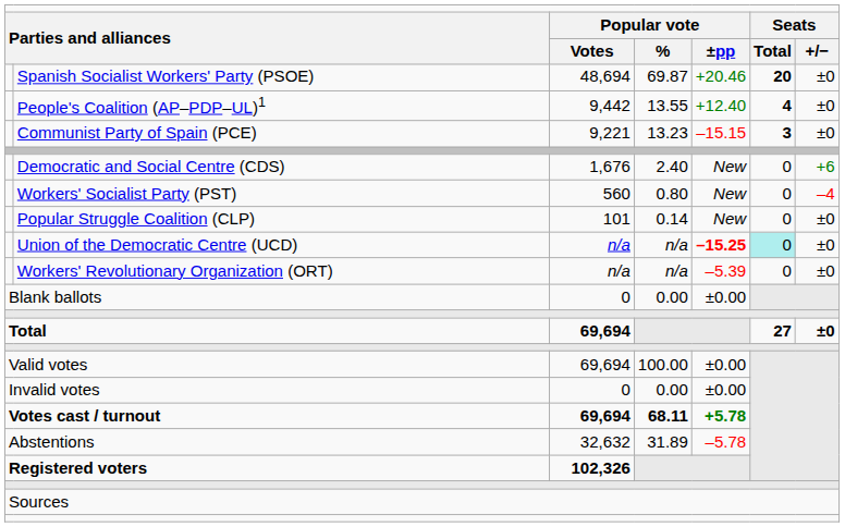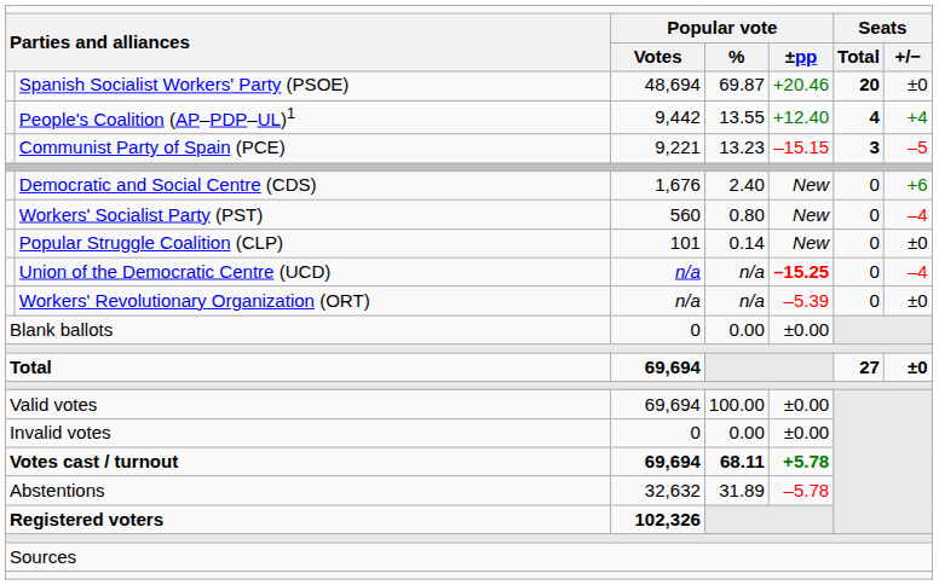 <table class="wikitable" style="text-align:right;">
 <tr>
 <td colspan="7"></td>
 </tr>
 <tr>
 <th style="text-align:left;" rowspan="2" colspan="2" width="525">Parties and alliances</th>
 <th colspan="3">Popular vote</th>
 <th colspan="2">Seats</th>
 </tr>
 <tr>
 <th width="75">Votes</th>
 <th width="45">%</th>
 <th width="45">±<a href='#'>pp</a></th>
 <th width="35">Total</th>
 <th width="35">+/−</th>
 </tr>
 <tr>
 <td width="1" style="color:inherit;background:"></td>
 <td align="left"><a href='#'>Spanish Socialist Workers' Party</a> (PSOE)</td>
 <td>48,694</td>
 <td>69.87</td>
 <td style="color:green;">+20.46</td>
 <td><strong>20</strong></td>
 <td>±0</td>
 </tr>
 <tr>
 <td style="color:inherit;background:"></td>
 <td align="left"><a href='#'>People's Coalition</a> (<a href='#'>AP</a>–<a href='#'>PDP</a>–<a href='#'>UL</a>)<sup>1</sup></td>
 <td>9,442</td>
 <td>13.55</td>
 <td style="color:green;">+12.40</td>
 <td><strong>4</strong></td>
-<td>±0</td>
+<td style="color:green;">+4</td>
 </tr>
 <tr>
 <td style="color:inherit;background:"></td>
 <td align="left"><a href='#'>Communist Party of Spain</a> (PCE)</td>
 <td>9,221</td>
 <td>13.23</td>
 <td style="color:red;">–15.15</td>
 <td><strong>3</strong></td>
-<td>±0</td>
+<td style="color:red;">–5</td>
 </tr>
 <tr>
 <td colspan="7" bgcolor="#C0C0C0"></td>
 </tr>
 <tr>
 <td style="color:inherit;background:"></td>
 <td align="left"><a href='#'>Democratic and Social Centre</a> (CDS)</td>
 <td>1,676</td>
 <td>2.40</td>
 <td><em>New</em></td>
 <td>0</td>
 <td style="color:green;">+6</td>
 </tr>
 <tr>
 <td style="color:inherit;background:"></td>
 <td align="left"><a href='#'>Workers' Socialist Party</a> (PST)</td>
 <td>560</td>
 <td>0.80</td>
 <td><em>New</em></td>
 <td>0</td>
 <td style="color:red;">–4</td>
 </tr>
 <tr>
 <td style="color:inherit;background:"></td>
 <td align="left"><a href='#'>Popular Struggle Coalition</a> (CLP)</td>
 <td>101</td>
 <td>0.14</td>
 <td><em>New</em></td>
 <td>0</td>
 <td>±0</td>
 </tr>
 <tr>
 <td style="color:inherit;background:"></td>
 <td align="left"><a href='#'>Union of the Democratic Centre</a> (UCD)</td>
 <td><em><a href='#'>n/a</a></em></td>
 <td><em>n/a</em></td>
 <td style="color:red;"><strong>–15.25</strong></td>
-<td style="background: paleturquoise;">0</td>
-<td>±0</td>
+<td>0</td>
+<td style="color:red;">–4</td>
 </tr>
 <tr>
 <td style="color:inherit;background:"></td>
 <td align="left"><a href='#'>Workers' Revolutionary Organization</a> (ORT)</td>
 <td><em>n/a</em></td>
 <td><em>n/a</em></td>
 <td style="color:red;">–5.39</td>
 <td>0</td>
 <td>±0</td>
 </tr>
 <tr>
 <td align="left" colspan="2">Blank ballots</td>
 <td>0</td>
 <td>0.00</td>
 <td>±0.00</td>
 <td bgcolor="#E9E9E9" colspan="2"></td>
 </tr>
 <tr>
 <td colspan="7" bgcolor="#E9E9E9"></td>
 </tr>
 <tr style="font-weight:bold;">
 <td align="left" colspan="2">Total</td>
 <td>69,694</td>
 <td bgcolor="#E9E9E9" colspan="2"></td>
 <td>27</td>
 <td>±0</td>
 </tr>
 <tr>
 <td colspan="7" bgcolor="#E9E9E9"></td>
 </tr>
 <tr>
 <td align="left" colspan="2">Valid votes</td>
 <td>69,694</td>
 <td>100.00</td>
 <td>±0.00</td>
 <td bgcolor="#E9E9E9" colspan="2" rowspan="5"></td>
 </tr>
 <tr>
 <td align="left" colspan="2">Invalid votes</td>
 <td>0</td>
 <td>0.00</td>
 <td>±0.00</td>
 </tr>
 <tr style="font-weight:bold;">
 <td align="left" colspan="2">Votes cast / turnout</td>
 <td>69,694</td>
 <td>68.11</td>
 <td style="color:green;">+5.78</td>
 </tr>
 <tr>
 <td align="left" colspan="2">Abstentions</td>
 <td>32,632</td>
 <td>31.89</td>
 <td style="color:red;">–5.78</td>
 </tr>
 <tr style="font-weight:bold;">
 <td align="left" colspan="2">Registered voters</td>
 <td>102,326</td>
 <td bgcolor="#E9E9E9" colspan="2"></td>
 </tr>
 <tr>
 <td colspan="7" bgcolor="#E9E9E9"></td>
 </tr>
 <tr>
 <td align="left" colspan="7">Sources</td>
 </tr>
 <tr>
 <td colspan="7" style="text-align:left; max-width:790px;"></td>
 </tr>
 </table>
